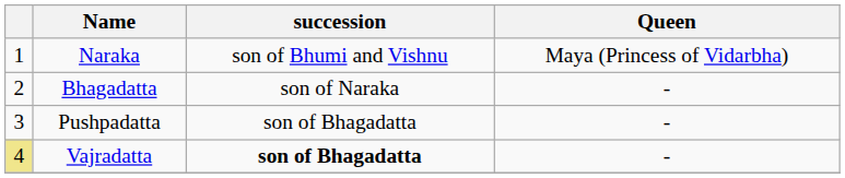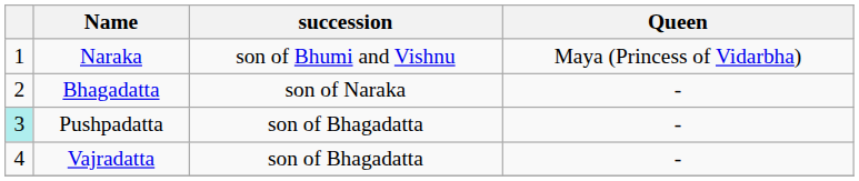 <table class="wikitable" style="text-align:center; width:50%;" align="center">
 <tr>
 <th></th>
 <th>Name</th>
 <th>succession</th>
 <th>Queen</th>
 </tr>
 <tr>
 <td>1</td>
 <td><a href='#'>Naraka</a></td>
 <td>son of <a href='#'>Bhumi</a> and <a href='#'>Vishnu</a></td>
 <td>Maya (Princess of <a href='#'>Vidarbha</a>)</td>
 </tr>
 <tr>
 <td>2</td>
 <td><a href='#'>Bhagadatta</a></td>
 <td>son of Naraka</td>
 <td>-</td>
 </tr>
 <tr>
-<td>3</td>
+<td style="background: paleturquoise;">3</td>
 <td>Pushpadatta</td>
 <td>son of Bhagadatta</td>
 <td>-</td>
 </tr>
 <tr>
-<td style="background: khaki;">4</td>
+<td>4</td>
 <td><a href='#'>Vajradatta</a></td>
-<td><strong>son of Bhagadatta</strong></td>
+<td>son of Bhagadatta</td>
 <td>-</td>
 </tr>
 <tr>
 </tr>
 </table>
